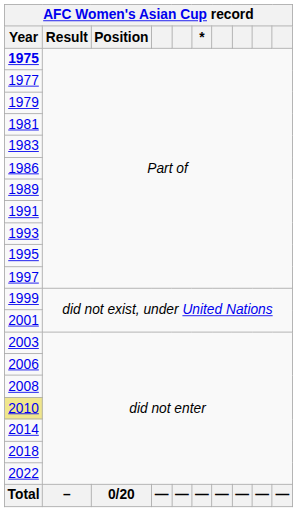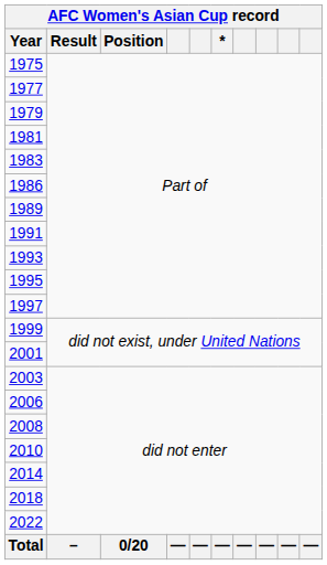 <table class="wikitable" style="text-align: center;">
 <tr>
 <th colspan=10><a href='#'>AFC Women's Asian Cup</a> record</th>
 </tr>
 <tr>
 <th>Year</th>
 <th>Result</th>
 <th>Position</th>
 <th></th>
 <th></th>
 <th>*</th>
 <th></th>
 <th></th>
 <th></th>
 <th></th>
 </tr>
 <tr>
-<td><strong> <a href='#'>1975</a></strong></td>
+<td> <a href='#'>1975</a></td>
 <td colspan="9" rowspan="11"><em>Part of </em></td>
 </tr>
 <tr>
 <td> <a href='#'>1977</a></td>
 </tr>
 <tr>
 <td> <a href='#'>1979</a></td>
 </tr>
 <tr>
 <td> <a href='#'>1981</a></td>
 </tr>
 <tr>
 <td> <a href='#'>1983</a></td>
 </tr>
 <tr>
 <td> <a href='#'>1986</a></td>
 </tr>
 <tr>
 <td> <a href='#'>1989</a></td>
 </tr>
 <tr>
 <td> <a href='#'>1991</a></td>
 </tr>
 <tr>
 <td> <a href='#'>1993</a></td>
 </tr>
 <tr>
 <td> <a href='#'>1995</a></td>
 </tr>
 <tr>
 <td> <a href='#'>1997</a></td>
 </tr>
 <tr>
 <td> <a href='#'>1999</a></td>
 <td colspan=9 rowspan=2><em>did not exist, under <a href='#'>United Nations</a></em></td>
 </tr>
 <tr>
 <td> <a href='#'>2001</a></td>
 </tr>
 <tr>
 <td> <a href='#'>2003</a></td>
 <td colspan="9" rowspan="7"><em>did not enter</em></td>
 </tr>
 <tr>
 <td> <a href='#'>2006</a></td>
 </tr>
 <tr>
 <td> <a href='#'>2008</a></td>
 </tr>
 <tr>
-<td style="background: khaki;"> <a href='#'>2010</a></td>
+<td> <a href='#'>2010</a></td>
 </tr>
 <tr>
 <td> <a href='#'>2014</a></td>
 </tr>
 <tr>
 <td> <a href='#'>2018</a></td>
 </tr>
 <tr>
 <td> <a href='#'>2022</a></td>
 </tr>
 <tr>
 <th>Total</th>
 <th>–</th>
 <th>0/20</th>
 <th>—</th>
 <th>—</th>
 <th>—</th>
 <th>—</th>
 <th>—</th>
 <th>—</th>
 <th>—</th>
 </tr>
 </table>
